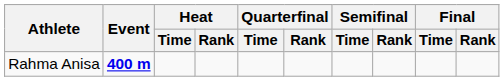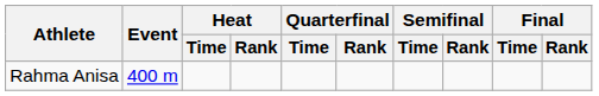 <table class=wikitable style=font-size:90%;text-align:center>
 <tr>
 <th rowspan=2>Athlete</th>
 <th rowspan=2>Event</th>
 <th colspan=2>Heat</th>
 <th colspan=2>Quarterfinal</th>
 <th colspan=2>Semifinal</th>
 <th colspan=2>Final</th>
 </tr>
 <tr style=font-size:95%>
 <th>Time</th>
 <th>Rank</th>
 <th>Time</th>
 <th>Rank</th>
 <th>Time</th>
 <th>Rank</th>
 <th>Time</th>
 <th>Rank</th>
 </tr>
 <tr>
 <td align=left>Rahma Anisa</td>
-<td align=left><strong><a href='#'>400 m</a></strong></td>
+<td align=left><a href='#'>400 m</a></td>
 <td></td>
 <td></td>
 <td></td>
 <td></td>
 <td></td>
 <td></td>
 <td></td>
 <td></td>
 </tr>
 </table>
